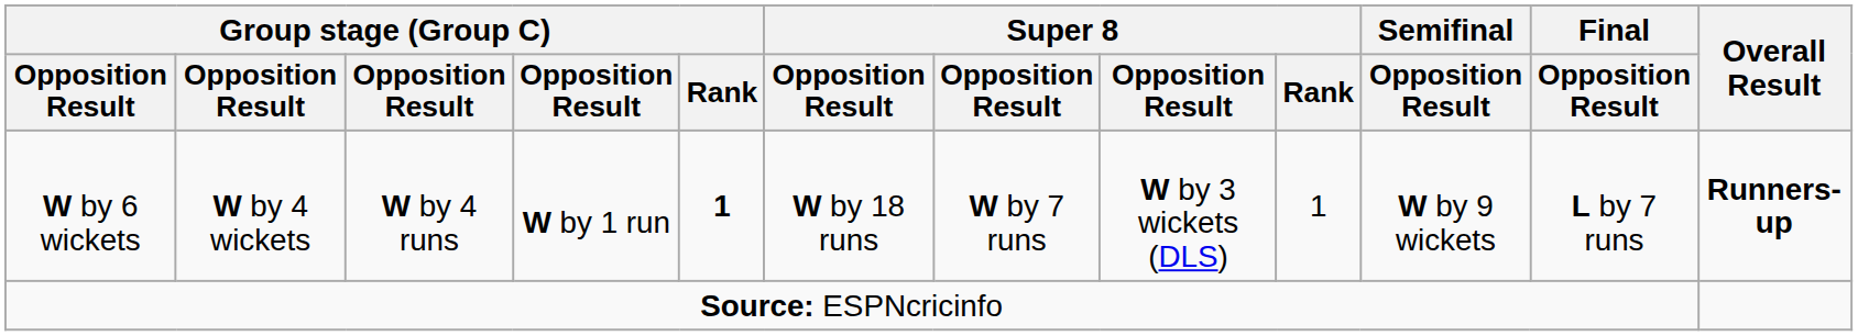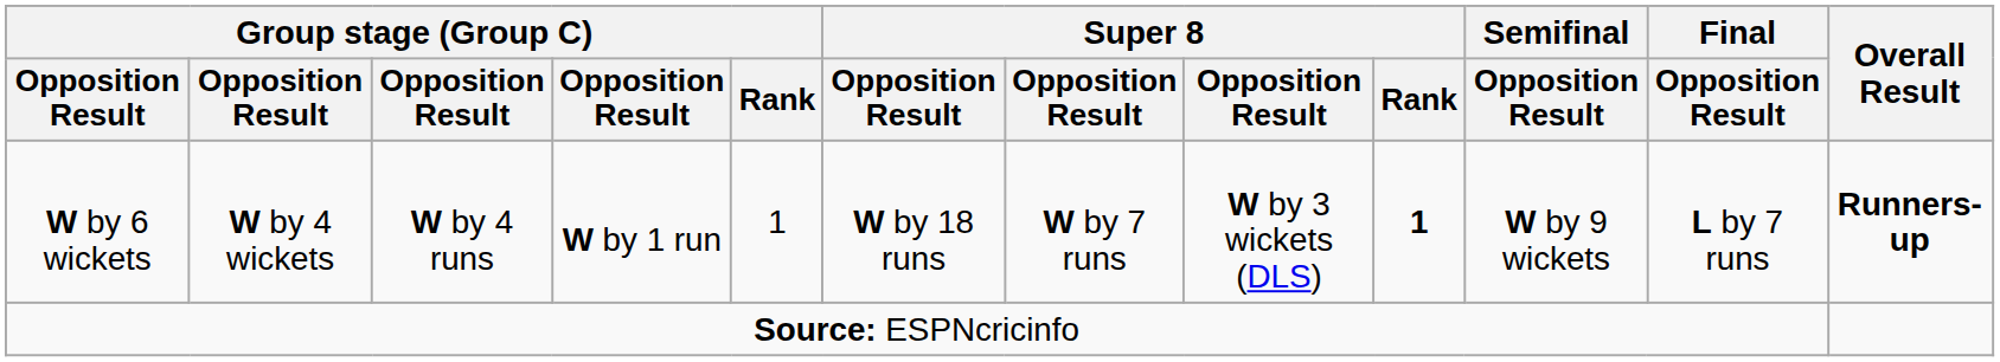 <table class=wikitable style=font-size:90%;text-align:center>
 <tr>
 <th colspan=5>Group stage (Group C)</th>
 <th colspan=4>Super 8</th>
 <th>Semifinal</th>
 <th>Final</th>
 <th rowspan=2>Overall Result</th>
 </tr>
 <tr style=font-size:95%>
 <th>Opposition<br>Result</th>
 <th>Opposition<br>Result</th>
 <th>Opposition<br>Result</th>
 <th>Opposition<br>Result</th>
 <th>Rank</th>
 <th>Opposition<br>Result</th>
 <th>Opposition<br>Result</th>
 <th>Opposition<br>Result</th>
 <th>Rank</th>
 <th>Opposition<br>Result</th>
 <th>Opposition<br>Result</th>
 </tr>
 <tr>
 <td><br><strong>W</strong> by 6 wickets</td>
 <td><br><strong>W</strong> by 4 wickets</td>
 <td><br><strong>W</strong> by 4 runs</td>
 <td><br><strong>W</strong> by 1 run</td>
-<td><strong>1</strong></td>
+<td>1</td>
 <td><br><strong>W</strong> by 18 runs</td>
 <td><br><strong>W</strong> by 7 runs</td>
 <td><br><strong>W</strong> by 3 wickets (<a href='#'>DLS</a>)</td>
-<td>1</td>
+<td><strong>1</strong></td>
 <td><br><strong>W</strong> by 9 wickets</td>
 <td><br><strong>L</strong> by 7 runs</td>
 <td><strong>Runners-up</strong></td>
 </tr>
 <tr>
 <td colspan="11"><strong>Source:</strong> ESPNcricinfo</td>
 </tr>
 </table>
